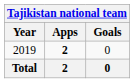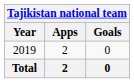 <table class="wikitable" style="text-align:center">
 <tr>
 <th colspan=3><a href='#'>Tajikistan national team</a></th>
 </tr>
 <tr>
 <th>Year</th>
 <th>Apps</th>
 <th>Goals</th>
 </tr>
 <tr>
 <td>2019</td>
-<td><strong>2</strong></td>
+<td>2</td>
 <td>0</td>
 </tr>
 <tr>
 <th>Total</th>
 <th>2</th>
 <th>0</th>
 </tr>
 </table>
